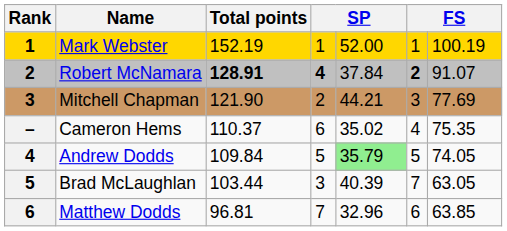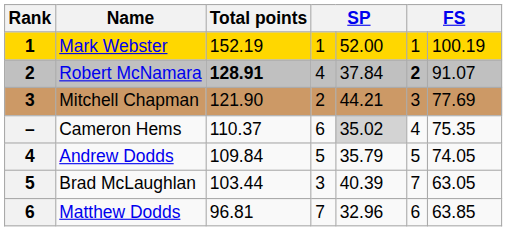 <table class="wikitable sortable">
 <tr>
 <th>Rank</th>
 <th>Name</th>
 <th>Total points</th>
 <th colspan="2" width="80px"><a href='#'>SP</a></th>
 <th colspan="2" width="80px"><a href='#'>FS</a></th>
 </tr>
 <tr bgcolor="gold">
 <td align="center"><strong>1</strong></td>
 <td><a href='#'>Mark Webster</a></td>
 <td>152.19</td>
 <td>1</td>
 <td>52.00</td>
 <td>1</td>
 <td>100.19</td>
 </tr>
 <tr bgcolor="silver">
 <td align="center"><strong>2</strong></td>
 <td><a href='#'>Robert McNamara</a></td>
 <td><strong>128.91</strong></td>
-<td><strong>4</strong></td>
+<td>4</td>
 <td>37.84</td>
 <td><strong>2</strong></td>
 <td>91.07</td>
 </tr>
 <tr bgcolor="cc9966">
 <td align="center"><strong>3</strong></td>
 <td>Mitchell Chapman</td>
 <td>121.90</td>
 <td>2</td>
 <td>44.21</td>
 <td>3</td>
 <td>77.69</td>
 </tr>
 <tr>
 <th>–</th>
 <td> Cameron Hems</td>
 <td>110.37</td>
 <td>6</td>
-<td>35.02</td>
+<td style="background: lightgrey;">35.02</td>
 <td>4</td>
 <td>75.35</td>
 </tr>
 <tr>
 <th>4</th>
 <td><a href='#'>Andrew Dodds</a></td>
 <td>109.84</td>
 <td>5</td>
-<td style="background: lightgreen;">35.79</td>
+<td>35.79</td>
 <td>5</td>
 <td>74.05</td>
 </tr>
 <tr>
 <th>5</th>
 <td>Brad McLaughlan</td>
 <td>103.44</td>
 <td>3</td>
 <td>40.39</td>
 <td>7</td>
 <td>63.05</td>
 </tr>
 <tr>
 <th>6</th>
 <td><a href='#'>Matthew Dodds</a></td>
 <td>96.81</td>
 <td>7</td>
 <td>32.96</td>
 <td>6</td>
 <td>63.85</td>
 </tr>
 </table>
